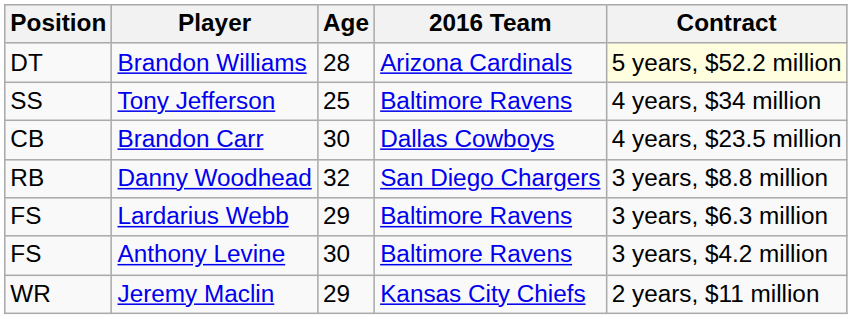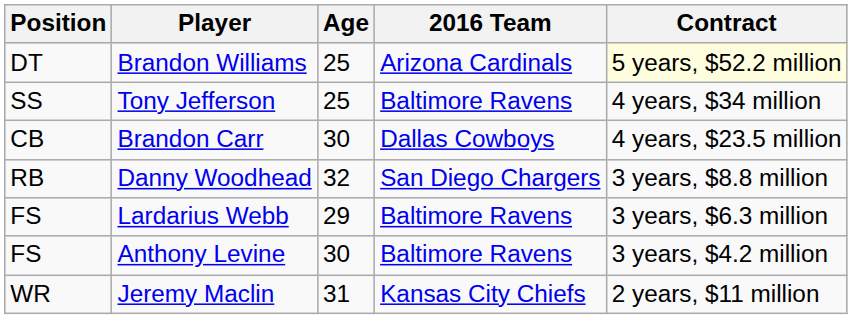 <table class="wikitable">
 <tr>
 <th>Position</th>
 <th>Player</th>
 <th>Age</th>
 <th>2016 Team</th>
 <th>Contract</th>
 </tr>
 <tr>
 <td>DT</td>
 <td><a href='#'>Brandon Williams</a></td>
-<td>28</td>
+<td>25</td>
 <td><a href='#'>Arizona Cardinals</a></td>
 <td style="background: lightyellow;">5 years, $52.2 million</td>
 </tr>
 <tr>
 <td>SS</td>
 <td><a href='#'>Tony Jefferson</a></td>
 <td>25</td>
 <td><a href='#'>Baltimore Ravens</a></td>
 <td>4 years, $34 million</td>
 </tr>
 <tr>
 <td>CB</td>
 <td><a href='#'>Brandon Carr</a></td>
 <td>30</td>
 <td><a href='#'>Dallas Cowboys</a></td>
 <td>4 years, $23.5 million</td>
 </tr>
 <tr>
 <td>RB</td>
 <td><a href='#'>Danny Woodhead</a></td>
 <td>32</td>
 <td><a href='#'>San Diego Chargers</a></td>
 <td>3 years, $8.8 million</td>
 </tr>
 <tr>
 <td>FS</td>
 <td><a href='#'>Lardarius Webb</a></td>
 <td>29</td>
 <td><a href='#'>Baltimore Ravens</a></td>
 <td>3 years, $6.3 million</td>
 </tr>
 <tr>
 <td>FS</td>
 <td><a href='#'>Anthony Levine</a></td>
 <td>30</td>
 <td><a href='#'>Baltimore Ravens</a></td>
 <td>3 years, $4.2 million</td>
 </tr>
 <tr>
 <td>WR</td>
 <td><a href='#'>Jeremy Maclin</a></td>
-<td>29</td>
+<td>31</td>
 <td><a href='#'>Kansas City Chiefs</a></td>
 <td>2 years, $11 million</td>
 </tr>
 </table>
